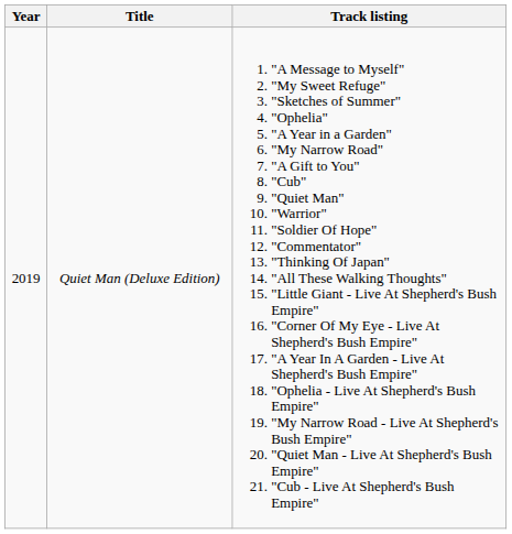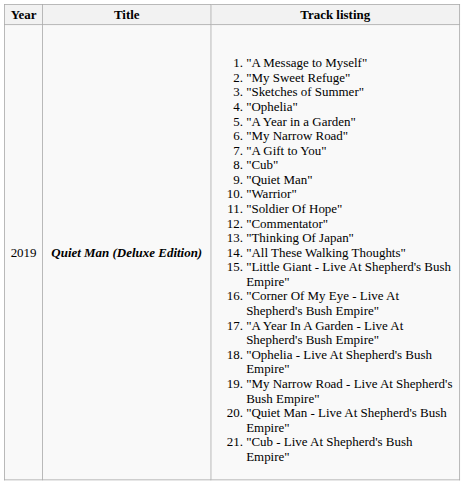 <table class="wikitable">
 <tr>
 <th width="40">Year</th>
 <th width="200">Title</th>
 <th width="300">Track listing</th>
 </tr>
 <tr>
 <td align="center">2019</td>
-<td align="center"><em>Quiet Man (Deluxe Edition)</em></td>
+<td align="center"><strong><em>Quiet Man (Deluxe Edition)</em></strong></td>
 <td><br><ol><li>"A Message to Myself"</li><li>"My Sweet Refuge"</li><li>"Sketches of Summer"</li><li>"Ophelia"</li><li>"A Year in a Garden"</li><li>"My Narrow Road"</li><li>"A Gift to You"</li><li>"Cub"</li><li>"Quiet Man"</li><li>"Warrior"</li><li>"Soldier Of Hope"</li><li>"Commentator"</li><li>"Thinking Of Japan"</li><li>"All These Walking Thoughts"</li><li>"Little Giant - Live At Shepherd's Bush Empire"</li><li>"Corner Of My Eye - Live At Shepherd's Bush Empire"</li><li>"A Year In A Garden - Live At Shepherd's Bush Empire"</li><li>"Ophelia - Live At Shepherd's Bush Empire"</li><li>"My Narrow Road - Live At Shepherd's Bush Empire"</li><li>"Quiet Man - Live At Shepherd's Bush Empire"</li><li>"Cub - Live At Shepherd's Bush Empire"</li></ol></td>
 </tr>
 </table>
